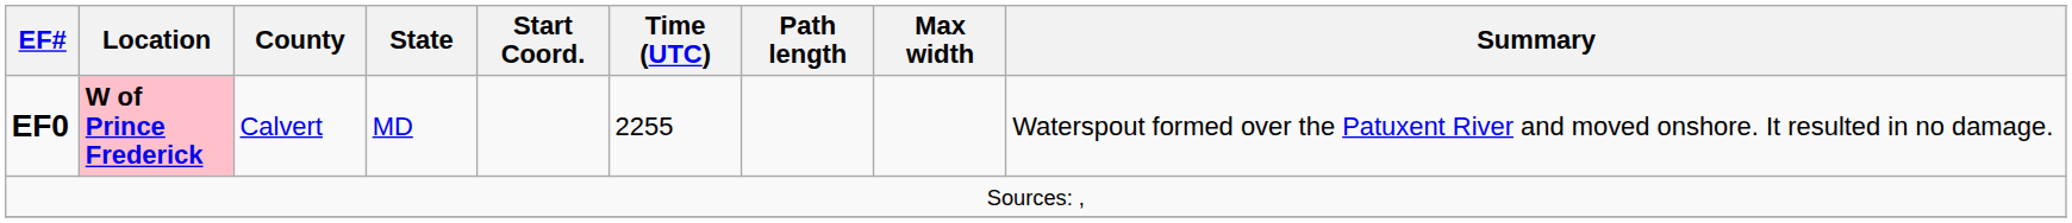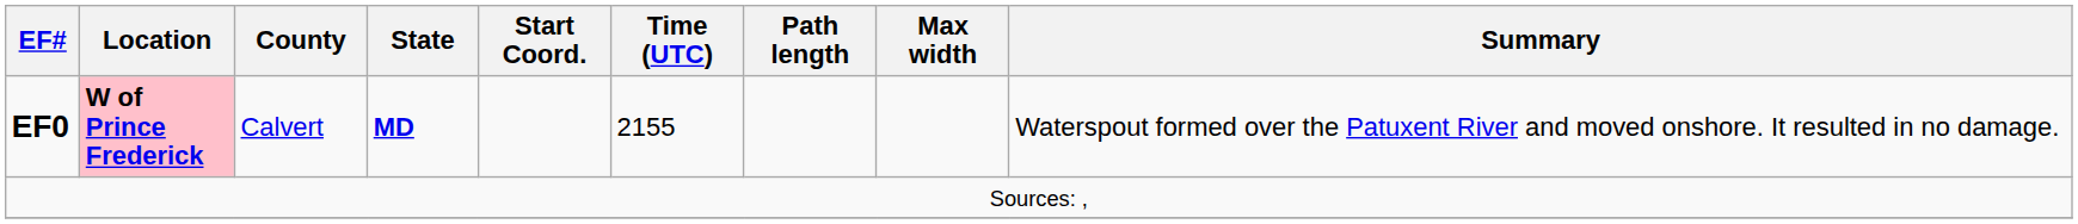 <table class="wikitable collapsible" width="100%">
 <tr>
 <th scope="col"  style="width:3%; text-align:center;"><a href='#'>EF#</a></th>
 <th scope="col"  style="width:7%; text-align:center;" class="unsortable">Location</th>
 <th scope="col"  style="width:6%; text-align:center;" class="unsortable">County</th>
 <th scope="col"  style="width:5%; text-align:center;">State</th>
 <th scope="col"  style="width:6%; text-align:center;">Start Coord.</th>
 <th scope="col"  style="width:6%; text-align:center;">Time (<a href='#'>UTC</a>)</th>
 <th scope="col"  style="width:6%; text-align:center;">Path length</th>
 <th scope="col"  style="width:6%; text-align:center;">Max width</th>
 <th scope="col" class="unsortable" style="width:48%; text-align:center;">Summary</th>
 </tr>
 <tr>
 <td><big><strong>EF0</strong></big></td>
 <td style="background: pink;"><strong>W of <a href='#'>Prince Frederick</a></strong></td>
 <td><a href='#'>Calvert</a></td>
-<td><a href='#'>MD</a></td>
+<td><strong><a href='#'>MD</a></strong></td>
 <td></td>
-<td>2255</td>
+<td>2155</td>
 <td></td>
 <td></td>
 <td>Waterspout formed over the <a href='#'>Patuxent River</a> and moved onshore. It resulted in no damage.</td>
 </tr>
 <tr>
 <td colspan="9" align=center><small>Sources: , </small></td>
 </tr>
 <tr>
 </tr>
 </table>
